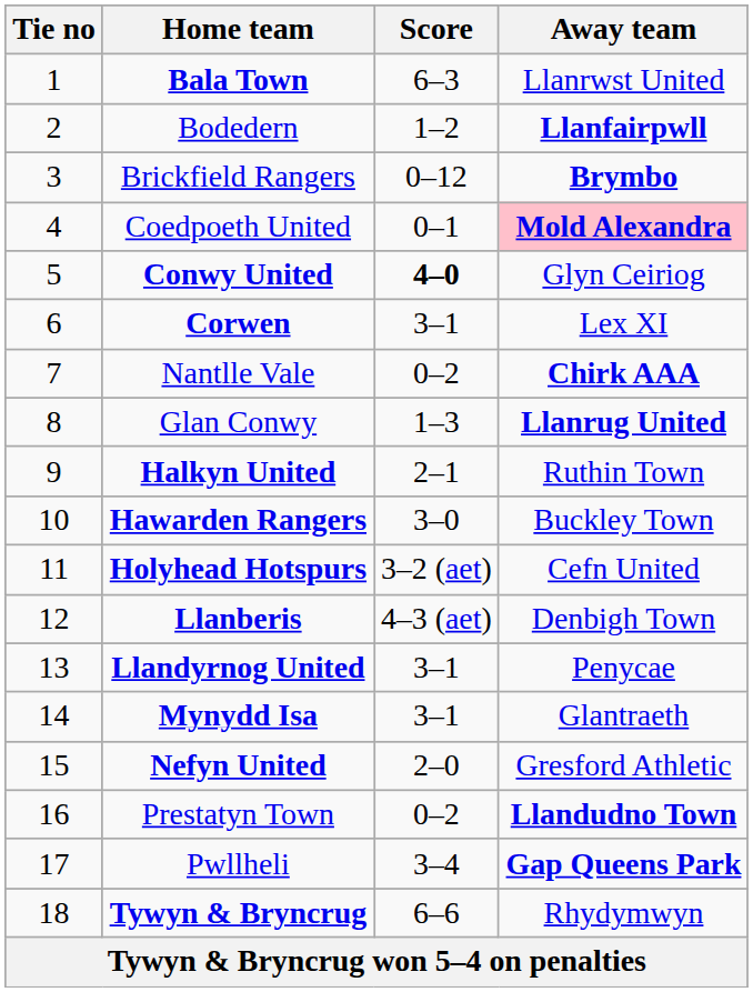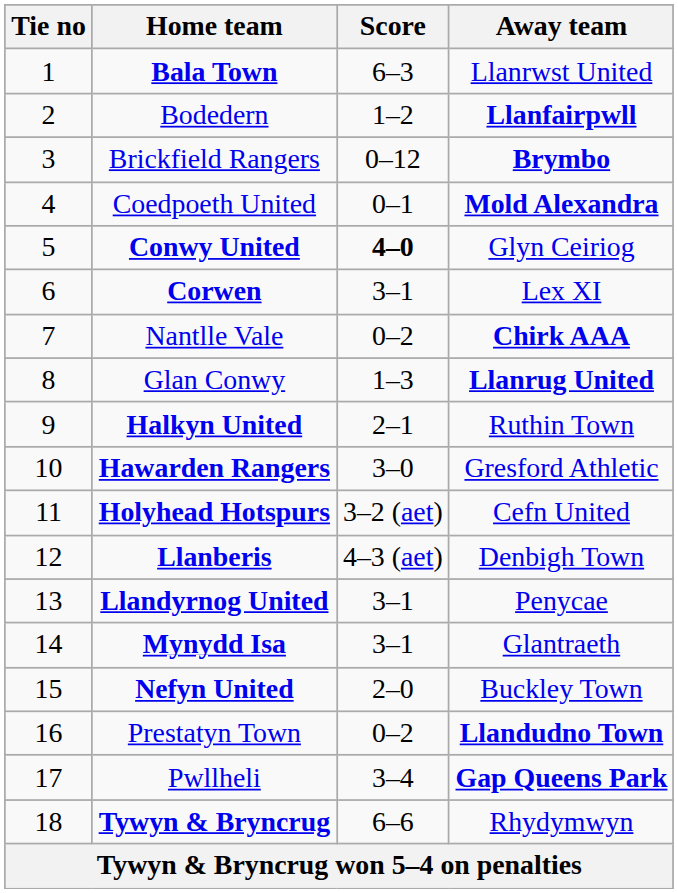 <table class="wikitable" style="text-align: center">
 <tr>
 <th>Tie no</th>
 <th>Home team</th>
 <th>Score</th>
 <th>Away team</th>
 </tr>
 <tr>
 <td>1</td>
 <td><strong><a href='#'>Bala Town</a></strong></td>
 <td>6–3</td>
 <td><a href='#'>Llanrwst United</a></td>
 </tr>
 <tr>
 <td>2</td>
 <td><a href='#'>Bodedern</a></td>
 <td>1–2</td>
 <td><strong><a href='#'>Llanfairpwll</a></strong></td>
 </tr>
 <tr>
 <td>3</td>
 <td><a href='#'>Brickfield Rangers</a></td>
 <td>0–12</td>
 <td><strong><a href='#'>Brymbo</a></strong></td>
 </tr>
 <tr>
 <td>4</td>
 <td><a href='#'>Coedpoeth United</a></td>
 <td>0–1</td>
-<td style="background: pink;"><strong><a href='#'>Mold Alexandra</a></strong></td>
+<td><strong><a href='#'>Mold Alexandra</a></strong></td>
 </tr>
 <tr>
 <td>5</td>
 <td><strong><a href='#'>Conwy United</a></strong></td>
 <td><strong>4–0</strong></td>
 <td><a href='#'>Glyn Ceiriog</a></td>
 </tr>
 <tr>
 <td>6</td>
 <td><strong><a href='#'>Corwen</a></strong></td>
 <td>3–1</td>
 <td><a href='#'>Lex XI</a></td>
 </tr>
 <tr>
 <td>7</td>
 <td><a href='#'>Nantlle Vale</a></td>
 <td>0–2</td>
 <td><strong><a href='#'>Chirk AAA</a></strong></td>
 </tr>
 <tr>
 <td>8</td>
 <td><a href='#'>Glan Conwy</a></td>
 <td>1–3</td>
 <td><strong><a href='#'>Llanrug United</a></strong></td>
 </tr>
 <tr>
 <td>9</td>
 <td><strong><a href='#'>Halkyn United</a></strong></td>
 <td>2–1</td>
 <td><a href='#'>Ruthin Town</a></td>
 </tr>
 <tr>
 <td>10</td>
 <td><strong><a href='#'>Hawarden Rangers</a></strong></td>
 <td>3–0</td>
-<td><a href='#'>Buckley Town</a></td>
+<td><a href='#'>Gresford Athletic</a></td>
 </tr>
 <tr>
 <td>11</td>
 <td><strong><a href='#'>Holyhead Hotspurs</a></strong></td>
 <td>3–2 (<a href='#'>aet</a>)</td>
 <td><a href='#'>Cefn United</a></td>
 </tr>
 <tr>
 <td>12</td>
 <td><strong><a href='#'>Llanberis</a></strong></td>
 <td>4–3 (<a href='#'>aet</a>)</td>
 <td><a href='#'>Denbigh Town</a></td>
 </tr>
 <tr>
 <td>13</td>
 <td><strong><a href='#'>Llandyrnog United</a></strong></td>
 <td>3–1</td>
 <td><a href='#'>Penycae</a></td>
 </tr>
 <tr>
 <td>14</td>
 <td><strong><a href='#'>Mynydd Isa</a></strong></td>
 <td>3–1</td>
 <td><a href='#'>Glantraeth</a></td>
 </tr>
 <tr>
 <td>15</td>
 <td><strong><a href='#'>Nefyn United</a></strong></td>
 <td>2–0</td>
-<td><a href='#'>Gresford Athletic</a></td>
+<td><a href='#'>Buckley Town</a></td>
 </tr>
 <tr>
 <td>16</td>
 <td><a href='#'>Prestatyn Town</a></td>
 <td>0–2</td>
 <td><strong><a href='#'>Llandudno Town</a></strong></td>
 </tr>
 <tr>
 <td>17</td>
 <td><a href='#'>Pwllheli</a></td>
 <td>3–4</td>
 <td><strong><a href='#'>Gap Queens Park</a></strong></td>
 </tr>
 <tr>
 <td>18</td>
 <td><strong><a href='#'>Tywyn & Bryncrug</a></strong></td>
 <td>6–6</td>
 <td><a href='#'>Rhydymwyn</a></td>
 </tr>
 <tr>
 <th colspan=5>Tywyn & Bryncrug won 5–4 on penalties</th>
 </tr>
 </table>
